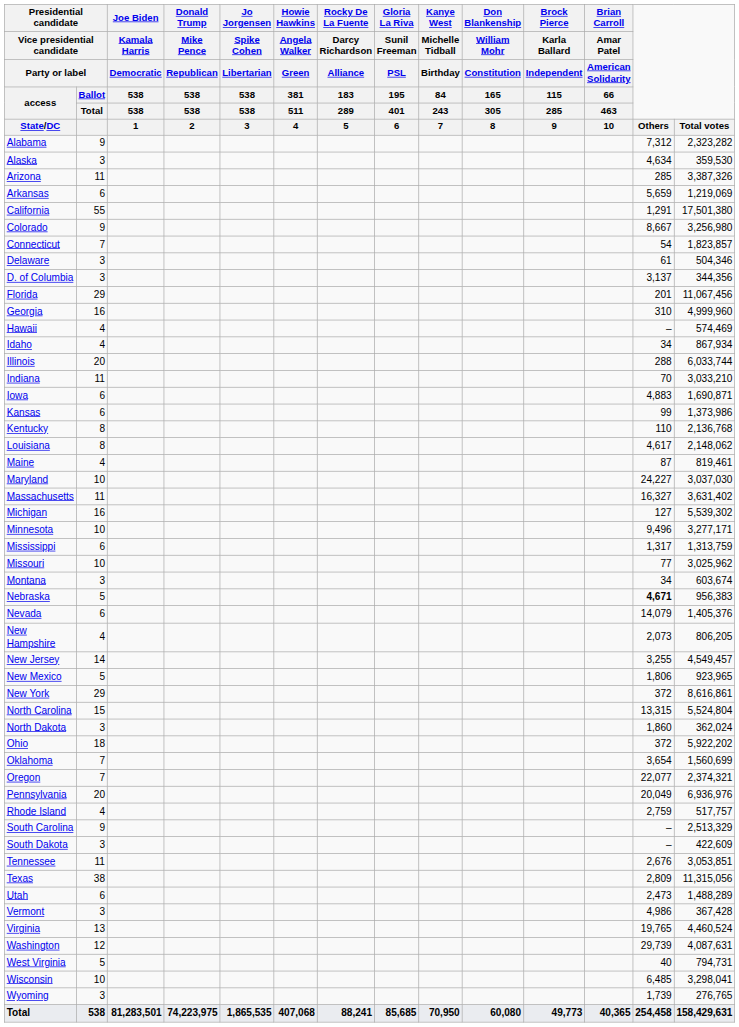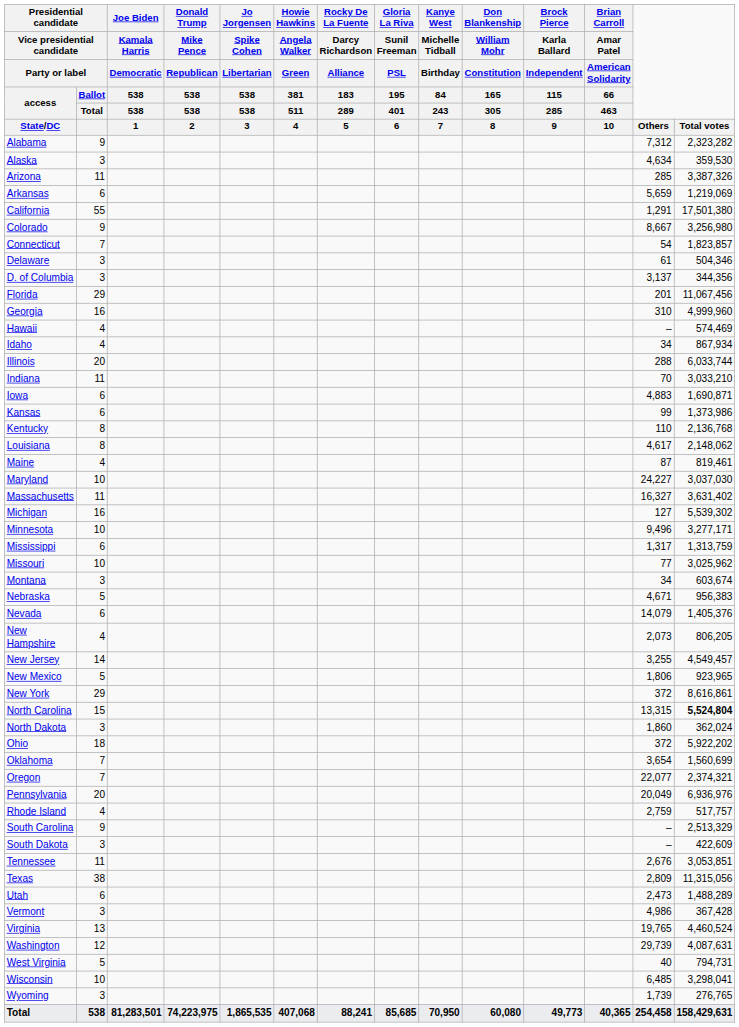 <table class="wikitable sortable collapsible" style="text-align:right; font-size:90%; line-height:1.2; width:1em">
 <tr style=font-size:95%>
 <th class=mw-collapsible id=mw-customcollapsible-p colspan=2>Presidential candidate</th>
 <th class=mw-collapsible id=mw-customcollapsible-p><a href='#'>Joe Biden</a></th>
 <th class=mw-collapsible id=mw-customcollapsible-p><a href='#'>Donald Trump</a></th>
 <th class=mw-collapsible id=mw-customcollapsible-p><a href='#'>Jo Jorgensen</a></th>
 <th class=mw-collapsible id=mw-customcollapsible-p><a href='#'>Howie Hawkins</a></th>
 <th class=mw-collapsible id=mw-customcollapsible-p><a href='#'>Rocky De La Fuente</a></th>
 <th class=mw-collapsible id=mw-customcollapsible-p><a href='#'>Gloria La Riva</a></th>
 <th class=mw-collapsible id=mw-customcollapsible-p><a href='#'>Kanye West</a><br></th>
 <th class=mw-collapsible id=mw-customcollapsible-p><a href='#'>Don Blankenship</a></th>
 <th class=mw-collapsible id=mw-customcollapsible-p><a href='#'>Brock Pierce</a></th>
 <th class=mw-collapsible id=mw-customcollapsible-p><a href='#'>Brian Carroll</a></th>
 </tr>
 <tr style=font-size:95%>
 <th class="mw-collapsible mw-collapsed" id=mw-customcollapsible-v colspan=2>Vice presidential candidate</th>
 <th class="mw-collapsible mw-collapsed" id=mw-customcollapsible-v><a href='#'>Kamala Harris</a></th>
 <th class="mw-collapsible mw-collapsed" id=mw-customcollapsible-v><a href='#'>Mike Pence</a></th>
 <th class="mw-collapsible mw-collapsed" id=mw-customcollapsible-v><a href='#'>Spike Cohen</a></th>
 <th class="mw-collapsible mw-collapsed" id=mw-customcollapsible-v><a href='#'>Angela Walker</a></th>
 <th class="mw-collapsible mw-collapsed" id=mw-customcollapsible-v>Darcy Richardson<br></th>
 <th class="mw-collapsible mw-collapsed" id=mw-customcollapsible-v>Sunil Freeman<br></th>
 <th class="mw-collapsible mw-collapsed" id=mw-customcollapsible-v>Michelle Tidball</th>
 <th class="mw-collapsible mw-collapsed" id=mw-customcollapsible-v><a href='#'>William Mohr</a></th>
 <th class="mw-collapsible mw-collapsed" id=mw-customcollapsible-v>Karla Ballard</th>
 <th class="mw-collapsible mw-collapsed" id=mw-customcollapsible-v>Amar Patel</th>
 </tr>
 <tr style=font-size:95%>
 <th class=mw-collapsible id=mw-customcollapsible-a colspan=2>Party or label</th>
 <th class=mw-collapsible id=mw-customcollapsible-a><a href='#'>Democratic</a><br></th>
 <th class=mw-collapsible id=mw-customcollapsible-a><a href='#'>Republican</a><br></th>
 <th class=mw-collapsible id=mw-customcollapsible-a><a href='#'>Libertarian</a></th>
 <th class=mw-collapsible id=mw-customcollapsible-a><a href='#'>Green</a></th>
 <th class=mw-collapsible id=mw-customcollapsible-a><a href='#'>Alliance</a><br></th>
 <th class=mw-collapsible id=mw-customcollapsible-a><a href='#'>PSL</a></th>
 <th class=mw-collapsible id=mw-customcollapsible-a>Birthday</th>
 <th class=mw-collapsible id=mw-customcollapsible-a><a href='#'>Constitution</a><br></th>
 <th class=mw-collapsible id=mw-customcollapsible-a><a href='#'>Independent</a><br></th>
 <th class=mw-collapsible id=mw-customcollapsible-a><a href='#'>American Solidarity</a></th>
 </tr>
 <tr style=font-size:95%>
 <th class="mw-collapsible mw-collapsed" id=mw-customcollapsible-b rowspan=2><a href='#'></a> access</th>
 <th class="mw-collapsible mw-collapsed" id=mw-customcollapsible-b><a href='#'>Ballot</a></th>
 <th class="mw-collapsible mw-collapsed" id=mw-customcollapsible-b>538</th>
 <th class="mw-collapsible mw-collapsed" id=mw-customcollapsible-b>538</th>
 <th class="mw-collapsible mw-collapsed" id=mw-customcollapsible-b>538</th>
 <th class="mw-collapsible mw-collapsed" id=mw-customcollapsible-b>381</th>
 <th class="mw-collapsible mw-collapsed" id=mw-customcollapsible-b>183</th>
 <th class="mw-collapsible mw-collapsed" id=mw-customcollapsible-b>195</th>
 <th class="mw-collapsible mw-collapsed" id=mw-customcollapsible-b>84</th>
 <th class="mw-collapsible mw-collapsed" id=mw-customcollapsible-b>165</th>
 <th class="mw-collapsible mw-collapsed" id=mw-customcollapsible-b>115</th>
 <th class="mw-collapsible mw-collapsed" id=mw-customcollapsible-b>66</th>
 </tr>
 <tr style=font-size:95%>
 <th class="mw-collapsible mw-collapsed" id=mw-customcollapsible-b>Total</th>
 <th class="mw-collapsible mw-collapsed" id=mw-customcollapsible-b>538</th>
 <th class="mw-collapsible mw-collapsed" id=mw-customcollapsible-b>538</th>
 <th class="mw-collapsible mw-collapsed" id=mw-customcollapsible-b>538</th>
 <th class="mw-collapsible mw-collapsed" id=mw-customcollapsible-b>511</th>
 <th class="mw-collapsible mw-collapsed" id=mw-customcollapsible-b>289</th>
 <th class="mw-collapsible mw-collapsed" id=mw-customcollapsible-b>401</th>
 <th class="mw-collapsible mw-collapsed" id=mw-customcollapsible-b>243</th>
 <th class="mw-collapsible mw-collapsed" id=mw-customcollapsible-b>305</th>
 <th class="mw-collapsible mw-collapsed" id=mw-customcollapsible-b>285</th>
 <th class="mw-collapsible mw-collapsed" id=mw-customcollapsible-b>463</th>
 </tr>
 <tr style=font-size:95% class=nowrap>
 <th><a href='#'>State</a>/<a href='#'>DC</a></th>
 <th><a href='#'></a></th>
 <th>1</th>
 <th>2</th>
 <th>3</th>
 <th>4</th>
 <th>5</th>
 <th>6</th>
 <th>7</th>
 <th>8</th>
 <th>9</th>
 <th>10</th>
 <th>Others</th>
 <th>Total votes</th>
 </tr>
 <tr>
 <td style=text-align:left><a href='#'>Alabama</a></td>
 <td>9</td>
 <td></td>
 <td></td>
 <td></td>
 <td></td>
 <td></td>
 <td></td>
 <td></td>
 <td></td>
 <td></td>
 <td></td>
 <td>7,312</td>
 <td>2,323,282</td>
 </tr>
 <tr>
 <td style=text-align:left><a href='#'>Alaska</a></td>
 <td>3</td>
 <td></td>
 <td></td>
 <td></td>
 <td></td>
 <td></td>
 <td></td>
 <td></td>
 <td></td>
 <td></td>
 <td></td>
 <td>4,634</td>
 <td>359,530</td>
 </tr>
 <tr>
 <td style=text-align:left><a href='#'>Arizona</a></td>
 <td>11</td>
 <td></td>
 <td></td>
 <td></td>
 <td></td>
 <td></td>
 <td></td>
 <td></td>
 <td></td>
 <td></td>
 <td></td>
 <td>285</td>
 <td>3,387,326</td>
 </tr>
 <tr>
 <td style=text-align:left><a href='#'>Arkansas</a></td>
 <td>6</td>
 <td></td>
 <td></td>
 <td></td>
 <td></td>
 <td></td>
 <td></td>
 <td></td>
 <td></td>
 <td></td>
 <td></td>
 <td>5,659</td>
 <td>1,219,069</td>
 </tr>
 <tr>
 <td style=text-align:left><a href='#'>California</a></td>
 <td>55</td>
 <td></td>
 <td></td>
 <td></td>
 <td></td>
 <td></td>
 <td></td>
 <td></td>
 <td></td>
 <td></td>
 <td></td>
 <td>1,291</td>
 <td>17,501,380</td>
 </tr>
 <tr>
 <td style=text-align:left><a href='#'>Colorado</a></td>
 <td>9</td>
 <td></td>
 <td></td>
 <td></td>
 <td></td>
 <td></td>
 <td></td>
 <td></td>
 <td></td>
 <td></td>
 <td></td>
 <td>8,667</td>
 <td>3,256,980</td>
 </tr>
 <tr>
 <td style=text-align:left><a href='#'>Connecticut</a></td>
 <td>7</td>
 <td></td>
 <td></td>
 <td></td>
 <td></td>
 <td></td>
 <td></td>
 <td></td>
 <td></td>
 <td></td>
 <td></td>
 <td>54</td>
 <td>1,823,857</td>
 </tr>
 <tr>
 <td style=text-align:left><a href='#'>Delaware</a></td>
 <td>3</td>
 <td></td>
 <td></td>
 <td></td>
 <td></td>
 <td></td>
 <td></td>
 <td></td>
 <td></td>
 <td></td>
 <td></td>
 <td>61</td>
 <td>504,346</td>
 </tr>
 <tr>
 <td style=text-align:left><a href='#'>D. of Columbia</a></td>
 <td>3</td>
 <td></td>
 <td></td>
 <td></td>
 <td></td>
 <td></td>
 <td></td>
 <td></td>
 <td></td>
 <td></td>
 <td></td>
 <td>3,137</td>
 <td>344,356</td>
 </tr>
 <tr>
 <td style=text-align:left><a href='#'>Florida</a></td>
 <td>29</td>
 <td></td>
 <td></td>
 <td></td>
 <td></td>
 <td></td>
 <td></td>
 <td></td>
 <td></td>
 <td></td>
 <td></td>
 <td>201</td>
 <td>11,067,456</td>
 </tr>
 <tr>
 <td style=text-align:left><a href='#'>Georgia</a></td>
 <td>16</td>
 <td></td>
 <td></td>
 <td></td>
 <td></td>
 <td></td>
 <td></td>
 <td></td>
 <td></td>
 <td></td>
 <td></td>
 <td>310</td>
 <td>4,999,960</td>
 </tr>
 <tr>
 <td style=text-align:left><a href='#'>Hawaii</a></td>
 <td>4</td>
 <td></td>
 <td></td>
 <td></td>
 <td></td>
 <td></td>
 <td></td>
 <td></td>
 <td></td>
 <td></td>
 <td></td>
 <td>–</td>
 <td>574,469</td>
 </tr>
 <tr>
 <td style=text-align:left><a href='#'>Idaho</a></td>
 <td>4</td>
 <td></td>
 <td></td>
 <td></td>
 <td></td>
 <td></td>
 <td></td>
 <td></td>
 <td></td>
 <td></td>
 <td></td>
 <td>34</td>
 <td>867,934</td>
 </tr>
 <tr>
 <td style=text-align:left><a href='#'>Illinois</a></td>
 <td>20</td>
 <td></td>
 <td></td>
 <td></td>
 <td></td>
 <td></td>
 <td></td>
 <td></td>
 <td></td>
 <td></td>
 <td></td>
 <td>288</td>
 <td>6,033,744</td>
 </tr>
 <tr>
 <td style=text-align:left><a href='#'>Indiana</a></td>
 <td>11</td>
 <td></td>
 <td></td>
 <td></td>
 <td></td>
 <td></td>
 <td></td>
 <td></td>
 <td></td>
 <td></td>
 <td></td>
 <td>70</td>
 <td>3,033,210</td>
 </tr>
 <tr>
 <td style=text-align:left><a href='#'>Iowa</a></td>
 <td>6</td>
 <td></td>
 <td></td>
 <td></td>
 <td></td>
 <td></td>
 <td></td>
 <td></td>
 <td></td>
 <td></td>
 <td></td>
 <td>4,883</td>
 <td>1,690,871</td>
 </tr>
 <tr>
 <td style=text-align:left><a href='#'>Kansas</a></td>
 <td>6</td>
 <td></td>
 <td></td>
 <td></td>
 <td></td>
 <td></td>
 <td></td>
 <td></td>
 <td></td>
 <td></td>
 <td></td>
 <td>99</td>
 <td>1,373,986</td>
 </tr>
 <tr>
 <td style=text-align:left><a href='#'>Kentucky</a></td>
 <td>8</td>
 <td></td>
 <td></td>
 <td></td>
 <td></td>
 <td></td>
 <td></td>
 <td></td>
 <td></td>
 <td></td>
 <td></td>
 <td>110</td>
 <td>2,136,768</td>
 </tr>
 <tr>
 <td style=text-align:left><a href='#'>Louisiana</a></td>
 <td>8</td>
 <td></td>
 <td></td>
 <td></td>
 <td></td>
 <td></td>
 <td></td>
 <td></td>
 <td></td>
 <td></td>
 <td></td>
 <td>4,617</td>
 <td>2,148,062</td>
 </tr>
 <tr>
 <td style=text-align:left><a href='#'>Maine</a></td>
 <td>4</td>
 <td></td>
 <td></td>
 <td></td>
 <td></td>
 <td></td>
 <td></td>
 <td></td>
 <td></td>
 <td></td>
 <td></td>
 <td>87</td>
 <td>819,461</td>
 </tr>
 <tr>
 <td style=text-align:left><a href='#'>Maryland</a></td>
 <td>10</td>
 <td></td>
 <td></td>
 <td></td>
 <td></td>
 <td></td>
 <td></td>
 <td></td>
 <td></td>
 <td></td>
 <td></td>
 <td>24,227</td>
 <td>3,037,030</td>
 </tr>
 <tr>
 <td style=text-align:left><a href='#'>Massachusetts</a></td>
 <td>11</td>
 <td></td>
 <td></td>
 <td></td>
 <td></td>
 <td></td>
 <td></td>
 <td></td>
 <td></td>
 <td></td>
 <td></td>
 <td>16,327</td>
 <td>3,631,402</td>
 </tr>
 <tr>
 <td style=text-align:left><a href='#'>Michigan</a></td>
 <td>16</td>
 <td></td>
 <td></td>
 <td></td>
 <td></td>
 <td></td>
 <td></td>
 <td></td>
 <td></td>
 <td></td>
 <td></td>
 <td>127</td>
 <td>5,539,302</td>
 </tr>
 <tr>
 <td style=text-align:left><a href='#'>Minnesota</a></td>
 <td>10</td>
 <td></td>
 <td></td>
 <td></td>
 <td></td>
 <td></td>
 <td></td>
 <td></td>
 <td></td>
 <td></td>
 <td></td>
 <td>9,496</td>
 <td>3,277,171</td>
 </tr>
 <tr>
 <td style=text-align:left><a href='#'>Mississippi</a></td>
 <td>6</td>
 <td></td>
 <td></td>
 <td></td>
 <td></td>
 <td></td>
 <td></td>
 <td></td>
 <td></td>
 <td></td>
 <td></td>
 <td>1,317</td>
 <td>1,313,759</td>
 </tr>
 <tr>
 <td style=text-align:left><a href='#'>Missouri</a></td>
 <td>10</td>
 <td></td>
 <td></td>
 <td></td>
 <td></td>
 <td></td>
 <td></td>
 <td></td>
 <td></td>
 <td></td>
 <td></td>
 <td>77</td>
 <td>3,025,962</td>
 </tr>
 <tr>
 <td style=text-align:left><a href='#'>Montana</a></td>
 <td>3</td>
 <td></td>
 <td></td>
 <td></td>
 <td></td>
 <td></td>
 <td></td>
 <td></td>
 <td></td>
 <td></td>
 <td></td>
 <td>34</td>
 <td>603,674</td>
 </tr>
 <tr>
 <td style=text-align:left><a href='#'>Nebraska</a></td>
 <td>5</td>
 <td></td>
 <td></td>
 <td></td>
 <td></td>
 <td></td>
 <td></td>
 <td></td>
 <td></td>
 <td></td>
 <td></td>
-<td><strong>4,671</strong></td>
+<td>4,671</td>
 <td>956,383</td>
 </tr>
 <tr>
 <td style=text-align:left><a href='#'>Nevada</a></td>
 <td>6</td>
 <td></td>
 <td></td>
 <td></td>
 <td></td>
 <td></td>
 <td></td>
 <td></td>
 <td></td>
 <td></td>
 <td></td>
 <td>14,079</td>
 <td>1,405,376</td>
 </tr>
 <tr>
 <td style=text-align:left class=nowrap><a href='#'>New Hampshire</a></td>
 <td>4</td>
 <td></td>
 <td></td>
 <td></td>
 <td></td>
 <td></td>
 <td></td>
 <td></td>
 <td></td>
 <td></td>
 <td></td>
 <td>2,073</td>
 <td>806,205</td>
 </tr>
 <tr>
 <td style=text-align:left><a href='#'>New Jersey</a></td>
 <td>14</td>
 <td></td>
 <td></td>
 <td></td>
 <td></td>
 <td></td>
 <td></td>
 <td></td>
 <td></td>
 <td></td>
 <td></td>
 <td>3,255</td>
 <td>4,549,457</td>
 </tr>
 <tr>
 <td style=text-align:left><a href='#'>New Mexico</a></td>
 <td>5</td>
 <td></td>
 <td></td>
 <td></td>
 <td></td>
 <td></td>
 <td></td>
 <td></td>
 <td></td>
 <td></td>
 <td></td>
 <td>1,806</td>
 <td>923,965</td>
 </tr>
 <tr>
 <td style=text-align:left><a href='#'>New York</a></td>
 <td>29</td>
 <td></td>
 <td></td>
 <td></td>
 <td></td>
 <td></td>
 <td></td>
 <td></td>
 <td></td>
 <td></td>
 <td></td>
 <td>372</td>
 <td>8,616,861</td>
 </tr>
 <tr>
 <td style=text-align:left><a href='#'>North Carolina</a></td>
 <td>15</td>
 <td></td>
 <td></td>
 <td></td>
 <td></td>
 <td></td>
 <td></td>
 <td></td>
 <td></td>
 <td></td>
 <td></td>
 <td>13,315</td>
-<td>5,524,804</td>
+<td><strong>5,524,804</strong></td>
 </tr>
 <tr>
 <td style=text-align:left><a href='#'>North Dakota</a></td>
 <td>3</td>
 <td></td>
 <td></td>
 <td></td>
 <td></td>
 <td></td>
 <td></td>
 <td></td>
 <td></td>
 <td></td>
 <td></td>
 <td>1,860</td>
 <td>362,024</td>
 </tr>
 <tr>
 <td style=text-align:left><a href='#'>Ohio</a></td>
 <td>18</td>
 <td></td>
 <td></td>
 <td></td>
 <td></td>
 <td></td>
 <td></td>
 <td></td>
 <td></td>
 <td></td>
 <td></td>
 <td>372</td>
 <td>5,922,202</td>
 </tr>
 <tr>
 <td style=text-align:left><a href='#'>Oklahoma</a></td>
 <td>7</td>
 <td></td>
 <td></td>
 <td></td>
 <td></td>
 <td></td>
 <td></td>
 <td></td>
 <td></td>
 <td></td>
 <td></td>
 <td>3,654</td>
 <td>1,560,699</td>
 </tr>
 <tr>
 <td style=text-align:left><a href='#'>Oregon</a></td>
 <td>7</td>
 <td></td>
 <td></td>
 <td></td>
 <td></td>
 <td></td>
 <td></td>
 <td></td>
 <td></td>
 <td></td>
 <td></td>
 <td>22,077</td>
 <td>2,374,321</td>
 </tr>
 <tr>
 <td style=text-align:left><a href='#'>Pennsylvania</a></td>
 <td>20</td>
 <td></td>
 <td></td>
 <td></td>
 <td></td>
 <td></td>
 <td></td>
 <td></td>
 <td></td>
 <td></td>
 <td></td>
 <td>20,049</td>
 <td>6,936,976</td>
 </tr>
 <tr>
 <td style=text-align:left><a href='#'>Rhode Island</a></td>
 <td>4</td>
 <td></td>
 <td></td>
 <td></td>
 <td></td>
 <td></td>
 <td></td>
 <td></td>
 <td></td>
 <td></td>
 <td></td>
 <td>2,759</td>
 <td>517,757</td>
 </tr>
 <tr>
 <td style=text-align:left><a href='#'>South Carolina</a></td>
 <td>9</td>
 <td></td>
 <td></td>
 <td></td>
 <td></td>
 <td></td>
 <td></td>
 <td></td>
 <td></td>
 <td></td>
 <td></td>
 <td>–</td>
 <td>2,513,329</td>
 </tr>
 <tr>
 <td style=text-align:left><a href='#'>South Dakota</a></td>
 <td>3</td>
 <td></td>
 <td></td>
 <td></td>
 <td></td>
 <td></td>
 <td></td>
 <td></td>
 <td></td>
 <td></td>
 <td></td>
 <td>–</td>
 <td>422,609</td>
 </tr>
 <tr>
 <td style=text-align:left><a href='#'>Tennessee</a></td>
 <td>11</td>
 <td></td>
 <td></td>
 <td></td>
 <td></td>
 <td></td>
 <td></td>
 <td></td>
 <td></td>
 <td></td>
 <td></td>
 <td>2,676</td>
 <td>3,053,851</td>
 </tr>
 <tr>
 <td style=text-align:left><a href='#'>Texas</a></td>
 <td>38</td>
 <td></td>
 <td></td>
 <td></td>
 <td></td>
 <td></td>
 <td></td>
 <td></td>
 <td></td>
 <td></td>
 <td></td>
 <td>2,809</td>
 <td>11,315,056</td>
 </tr>
 <tr>
 <td style=text-align:left><a href='#'>Utah</a></td>
 <td>6</td>
 <td></td>
 <td></td>
 <td></td>
 <td></td>
 <td></td>
 <td></td>
 <td></td>
 <td></td>
 <td></td>
 <td></td>
 <td>2,473</td>
 <td>1,488,289</td>
 </tr>
 <tr>
 <td style=text-align:left><a href='#'>Vermont</a></td>
 <td>3</td>
 <td></td>
 <td></td>
 <td></td>
 <td></td>
 <td></td>
 <td></td>
 <td></td>
 <td></td>
 <td></td>
 <td></td>
 <td>4,986</td>
 <td>367,428</td>
 </tr>
 <tr>
 <td style=text-align:left><a href='#'>Virginia</a></td>
 <td>13</td>
 <td></td>
 <td></td>
 <td></td>
 <td></td>
 <td></td>
 <td></td>
 <td></td>
 <td></td>
 <td></td>
 <td></td>
 <td>19,765</td>
 <td>4,460,524</td>
 </tr>
 <tr>
 <td style=text-align:left><a href='#'>Washington</a></td>
 <td>12</td>
 <td></td>
 <td></td>
 <td></td>
 <td></td>
 <td></td>
 <td></td>
 <td></td>
 <td></td>
 <td></td>
 <td></td>
 <td>29,739</td>
 <td>4,087,631</td>
 </tr>
 <tr>
 <td style=text-align:left><a href='#'>West Virginia</a></td>
 <td>5</td>
 <td></td>
 <td></td>
 <td></td>
 <td></td>
 <td></td>
 <td></td>
 <td></td>
 <td></td>
 <td></td>
 <td></td>
 <td>40</td>
 <td>794,731</td>
 </tr>
 <tr>
 <td style=text-align:left><a href='#'>Wisconsin</a></td>
 <td>10</td>
 <td></td>
 <td></td>
 <td></td>
 <td></td>
 <td></td>
 <td></td>
 <td></td>
 <td></td>
 <td></td>
 <td></td>
 <td>6,485</td>
 <td>3,298,041</td>
 </tr>
 <tr>
 <td style=text-align:left><a href='#'>Wyoming</a></td>
 <td>3</td>
 <td></td>
 <td></td>
 <td></td>
 <td></td>
 <td></td>
 <td></td>
 <td></td>
 <td></td>
 <td></td>
 <td></td>
 <td>1,739</td>
 <td>276,765</td>
 </tr>
 <tr class=sortbottom style="background:#EAECF0; font-weight:bold">
 <td style=text-align:left>Total</td>
 <td>538</td>
 <td>81,283,501</td>
 <td>74,223,975</td>
 <td>1,865,535</td>
 <td>407,068</td>
 <td>88,241</td>
 <td>85,685</td>
 <td>70,950</td>
 <td>60,080</td>
 <td>49,773</td>
 <td>40,365</td>
 <td>254,458</td>
 <td>158,429,631</td>
 </tr>
 </table>
